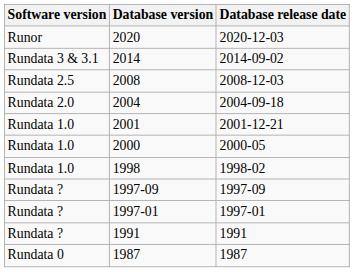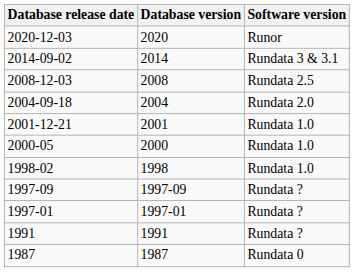 <table class="wikitable">
 <tr>
+<th>Database release date</th>
+<th>Database version</th>
 <th>Software version</th>
-<th>Database version</th>
-<th>Database release date</th>
 </tr>
 <tr>
+<td>2020-12-03</td>
+<td>2020</td>
 <td>Runor</td>
-<td>2020</td>
-<td>2020-12-03</td>
 </tr>
 <tr>
+<td>2014-09-02</td>
+<td>2014</td>
 <td>Rundata 3 & 3.1</td>
-<td>2014</td>
-<td>2014-09-02</td>
 </tr>
 <tr>
+<td>2008-12-03</td>
+<td>2008</td>
 <td>Rundata 2.5</td>
-<td>2008</td>
-<td>2008-12-03</td>
 </tr>
 <tr>
+<td>2004-09-18</td>
+<td>2004</td>
 <td>Rundata 2.0</td>
-<td>2004</td>
-<td>2004-09-18</td>
 </tr>
 <tr>
+<td>2001-12-21</td>
+<td>2001</td>
 <td>Rundata 1.0</td>
-<td>2001</td>
-<td>2001-12-21</td>
 </tr>
 <tr>
+<td>2000-05</td>
+<td>2000</td>
 <td>Rundata 1.0</td>
-<td>2000</td>
-<td>2000-05</td>
 </tr>
 <tr>
+<td>1998-02</td>
+<td>1998</td>
 <td>Rundata 1.0</td>
-<td>1998</td>
-<td>1998-02</td>
 </tr>
 <tr>
-<td>Rundata ?</td>
 <td>1997-09</td>
 <td>1997-09</td>
+<td>Rundata ?</td>
 </tr>
 <tr>
-<td>Rundata ?</td>
 <td>1997-01</td>
 <td>1997-01</td>
+<td>Rundata ?</td>
 </tr>
 <tr>
-<td>Rundata ?</td>
 <td>1991</td>
 <td>1991</td>
+<td>Rundata ?</td>
 </tr>
 <tr>
-<td>Rundata 0</td>
 <td>1987</td>
 <td>1987</td>
+<td>Rundata 0</td>
 </tr>
 </table>
